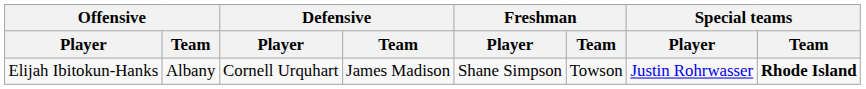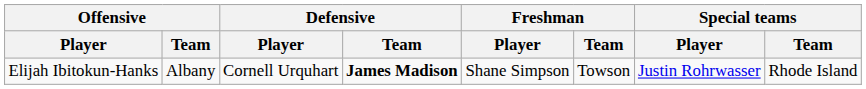 <table class="wikitable" border="1">
 <tr>
 <th colspan="2">Offensive</th>
 <th colspan="2">Defensive</th>
 <th colspan="2">Freshman</th>
 <th colspan="2">Special teams</th>
 </tr>
 <tr>
 <th>Player</th>
 <th>Team</th>
 <th>Player</th>
 <th>Team</th>
 <th>Player</th>
 <th>Team</th>
 <th>Player</th>
 <th>Team</th>
 </tr>
 <tr>
 <td>Elijah Ibitokun-Hanks</td>
 <td>Albany</td>
 <td>Cornell Urquhart</td>
-<td>James Madison</td>
+<td><strong>James Madison</strong></td>
 <td>Shane Simpson</td>
 <td>Towson</td>
 <td><a href='#'>Justin Rohrwasser</a></td>
-<td><strong>Rhode Island</strong></td>
+<td>Rhode Island</td>
 </tr>
 </table>
